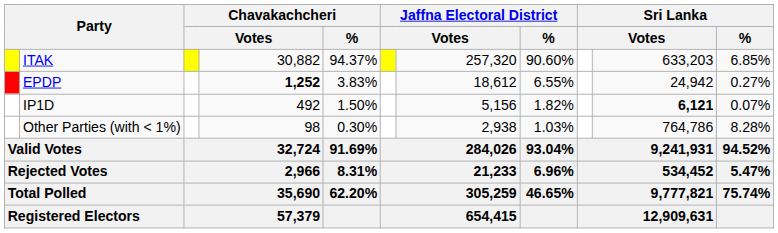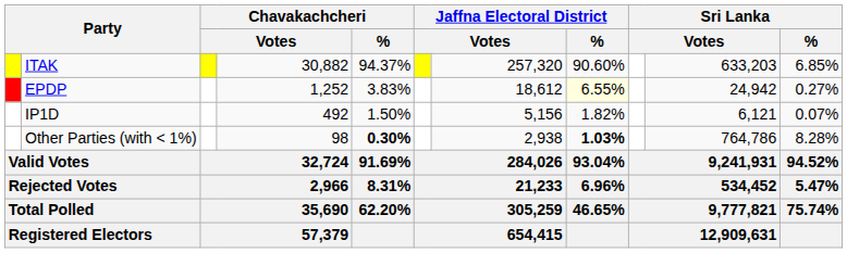 <table class="wikitable">
 <tr>
 <th colspan="2" width="144px"rowspan="2">Party</th>
 <th colspan="3" width="216px">Chavakachcheri</th>
 <th colspan="3" width="216px"><a href='#'>Jaffna Electoral District</a></th>
 <th colspan="3" width="216px">Sri Lanka</th>
 </tr>
 <tr>
 <th colspan="2" width="144px">Votes</th>
 <th>%</th>
 <th colspan="2" width="144px">Votes</th>
 <th>%</th>
 <th colspan="2" width="144px">Votes</th>
 <th>%</th>
 </tr>
 <tr>
 <td style="background-color:yellow;" width="10px"></td>
 <td style="text-align:left;"><a href='#'>ITAK</a></td>
 <td style="background-color:yellow;" width="10px"></td>
 <td style="text-align:right;">30,882</td>
 <td style="text-align:right;">94.37%</td>
 <td style="background-color:yellow;" width="10px"></td>
 <td style="text-align:right;">257,320</td>
 <td style="text-align:right;">90.60%</td>
 <td style="background-color:white;" width="10px"></td>
 <td style="text-align:right;">633,203</td>
 <td style="text-align:right;">6.85%</td>
 </tr>
 <tr>
 <td style="background-color:red;" width="10px"></td>
 <td style="text-align:left;"><a href='#'>EPDP</a></td>
 <td style="background-color:white;" width="10px"></td>
-<td style="text-align:right;"><strong>1,252</strong></td>
+<td style="text-align:right;">1,252</td>
 <td style="text-align:right;">3.83%</td>
 <td style="background-color:white;" width="10px"></td>
 <td style="text-align:right;">18,612</td>
-<td style="text-align:right;">6.55%</td>
+<td style="background: lightyellow; text-align:right;">6.55%</td>
 <td style="background-color:white;" width="10px"></td>
 <td style="text-align:right;">24,942</td>
 <td style="text-align:right;">0.27%</td>
 </tr>
 <tr>
 <td style="background-color:white;" width="10px"></td>
 <td style="text-align:left;">IP1D</td>
 <td style="background-color:white;" width="10px"></td>
 <td style="text-align:right;">492</td>
 <td style="text-align:right;">1.50%</td>
 <td style="background-color:white;" width="10px"></td>
 <td style="text-align:right;">5,156</td>
 <td style="text-align:right;">1.82%</td>
 <td style="background-color:white;" width="10px"></td>
-<td style="text-align:right;"><strong>6,121</strong></td>
+<td style="text-align:right;">6,121</td>
 <td style="text-align:right;">0.07%</td>
 </tr>
 <tr>
 <td style="background-color:white;" width="10px"></td>
 <td style="text-align:left;">Other Parties (with < 1%)</td>
 <td style="background-color:white;" width="10px"></td>
 <td style="text-align:right;">98</td>
-<td style="text-align:right;">0.30%</td>
+<td style="text-align:right;"><strong>0.30%</strong></td>
 <td style="background-color:white;" width="10px"></td>
 <td style="text-align:right;">2,938</td>
-<td style="text-align:right;">1.03%</td>
+<td style="text-align:right;"><strong>1.03%</strong></td>
 <td style="background-color:white;" width="10px"></td>
 <td style="text-align:right;">764,786</td>
 <td style="text-align:right;">8.28%</td>
 </tr>
 <tr>
 <th colspan="2" width="144px"style="text-align:left;">Valid Votes</th>
 <th style="text-align:right;"colspan="2" width="144px">32,724</th>
 <th style="text-align:right;">91.69%</th>
 <th style="text-align:right;"colspan="2" width="144px">284,026</th>
 <th style="text-align:right;">93.04%</th>
 <th style="text-align:right;"colspan="2" width="144px">9,241,931</th>
 <th style="text-align:right;">94.52%</th>
 </tr>
 <tr>
 <th colspan="2" width="144px"style="text-align:left;">Rejected Votes</th>
 <th style="text-align:right;"colspan="2" width="144px">2,966</th>
 <th style="text-align:right;">8.31%</th>
 <th style="text-align:right;"colspan="2" width="144px">21,233</th>
 <th style="text-align:right;">6.96%</th>
 <th style="text-align:right;"colspan="2" width="144px">534,452</th>
 <th style="text-align:right;">5.47%</th>
 </tr>
 <tr>
 <th colspan="2" width="144px"style="text-align:left;">Total Polled</th>
 <th style="text-align:right;"colspan="2" width="144px">35,690</th>
 <th style="text-align:right;">62.20%</th>
 <th style="text-align:right;"colspan="2" width="144px">305,259</th>
 <th style="text-align:right;">46.65%</th>
 <th style="text-align:right;"colspan="2" width="144px">9,777,821</th>
 <th style="text-align:right;">75.74%</th>
 </tr>
 <tr>
 <th colspan="2" width="144px"style="text-align:left;">Registered Electors</th>
 <th style="text-align:right;"colspan="2" width="144px">57,379</th>
 <th></th>
 <th style="text-align:right;"colspan="2" width="144px">654,415</th>
 <th></th>
 <th style="text-align:right;"colspan="2" width="144px">12,909,631</th>
 <th></th>
 </tr>
 </table>
